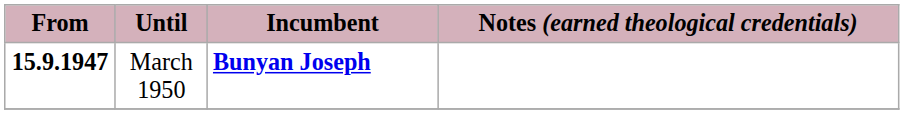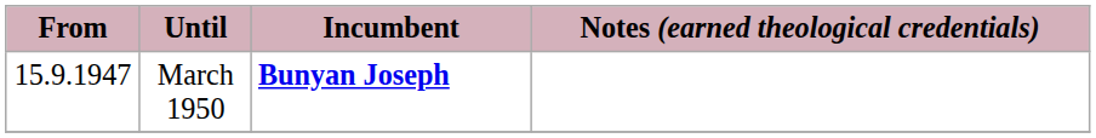 <table class="wikitable" style="width: 95%;">
 <tr>
 <th style="background-color: #D4B1BB; width: 10%;">From</th>
 <th style="background-color: #D4B1BB; width: 10%;">Until</th>
 <th style="background-color: #D4B1BB; width: 25%;">Incumbent</th>
 <th style="background-color: #D4B1BB; width: 50%;">Notes <em>(earned theological credentials)</em></th>
 </tr>
 <tr valign="top" style="background-color: white;">
-<td style="text-align: center;"><strong>15.9.1947</strong></td>
+<td style="text-align: center;">15.9.1947</td>
 <td style="text-align: center;">March 1950</td>
 <td><strong><a href='#'>Bunyan Joseph</a></strong></td>
 <td></td>
 </tr>
 <tr valign="top" style="background-color: #F7F0F2;">
 </tr>
 </table>
